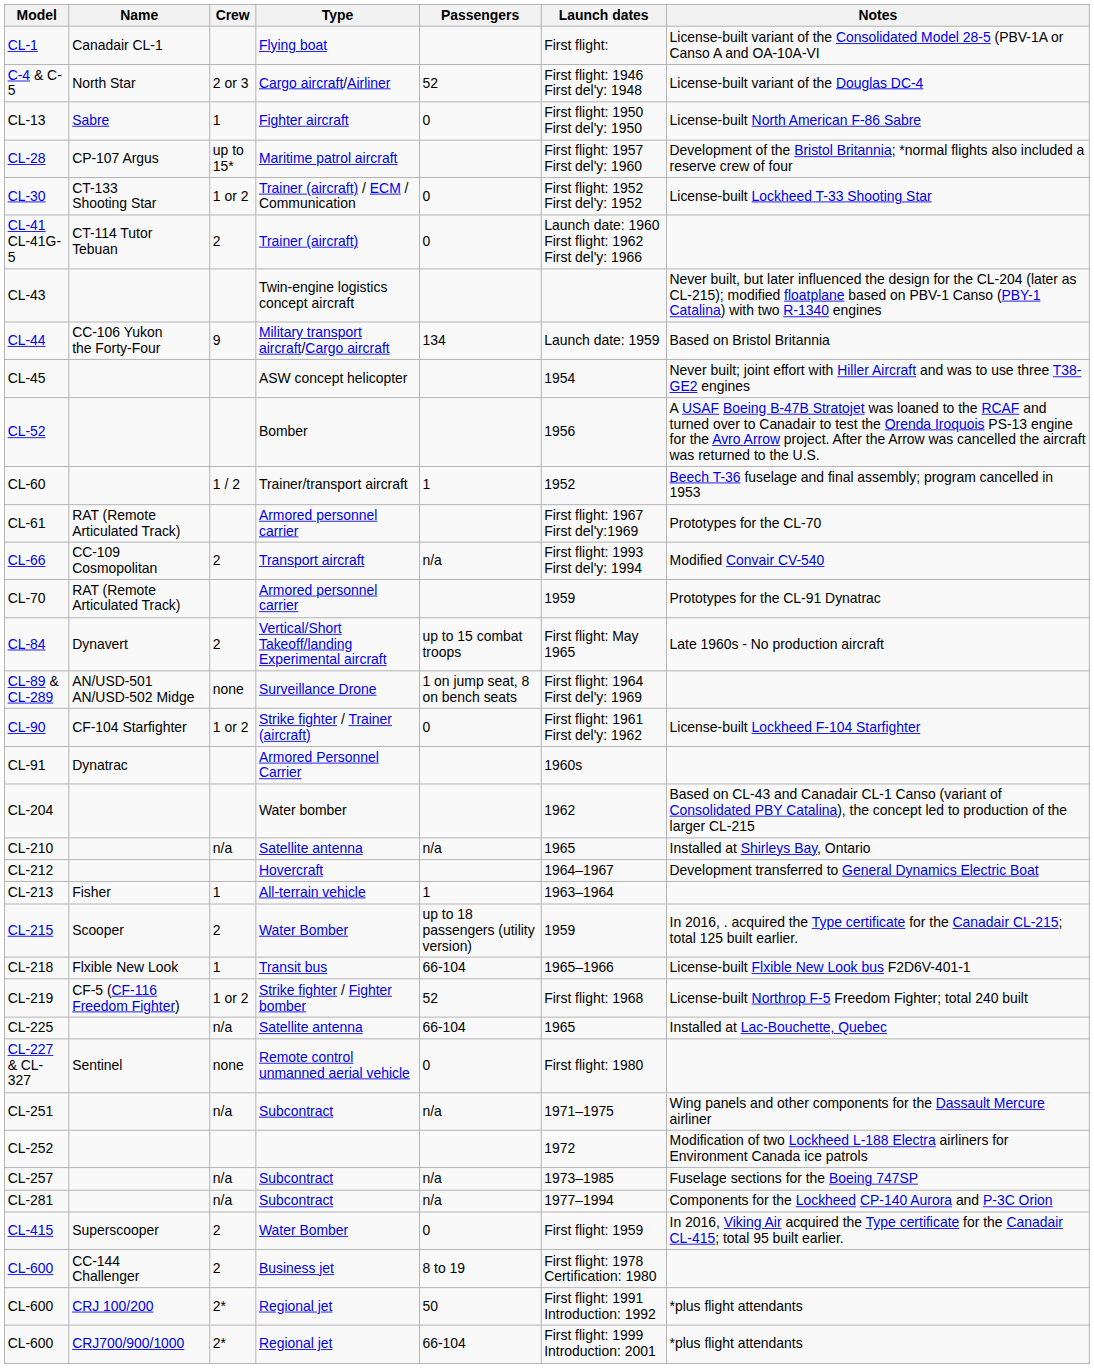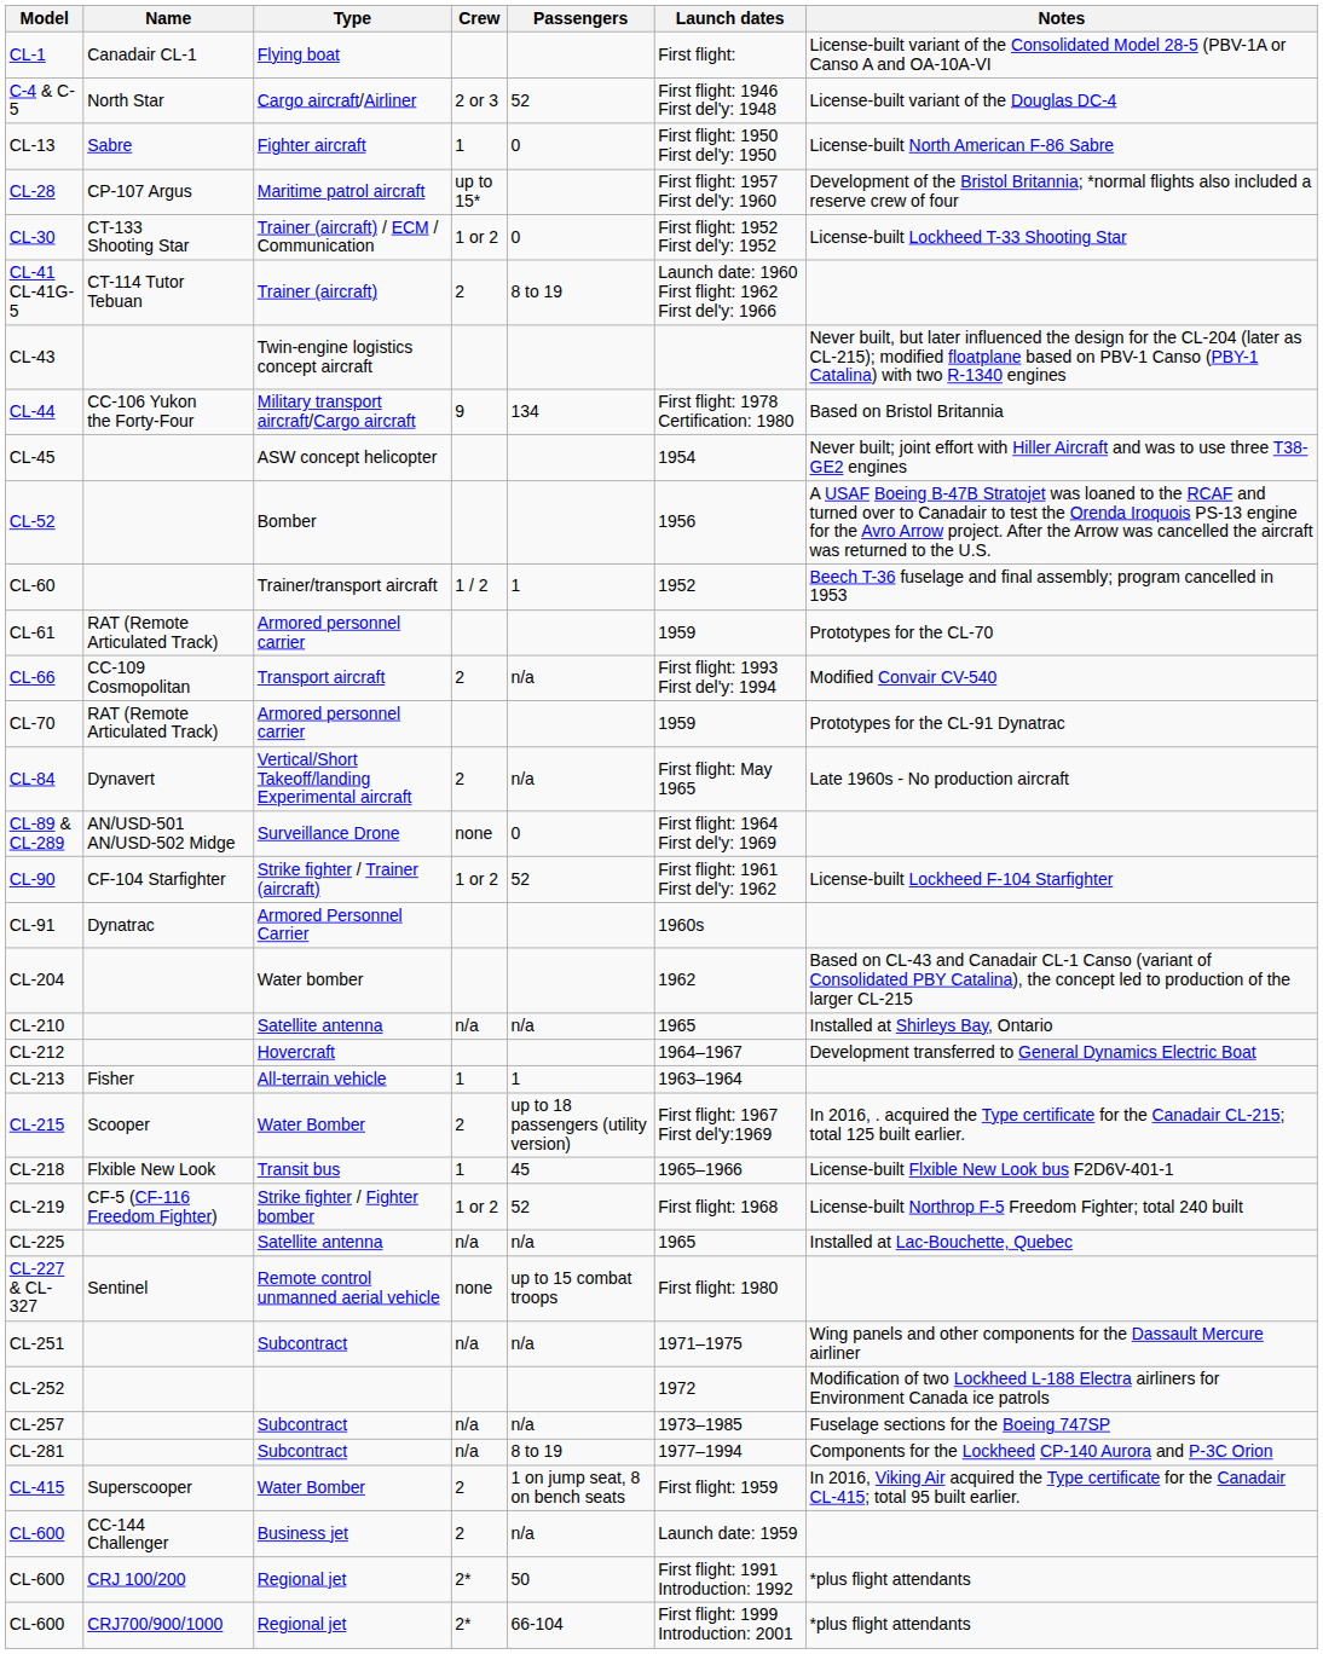 <table class="wikitable sortable">
 <tr>
 <th>Model</th>
 <th>Name</th>
+<th>Type</th>
 <th>Crew</th>
-<th>Type</th>
 <th>Passengers</th>
 <th>Launch dates</th>
 <th>Notes</th>
 </tr>
 <tr>
 <td><a href='#'>CL-1</a></td>
 <td>Canadair CL-1</td>
+<td><a href='#'>Flying boat</a></td>
 <td></td>
-<td><a href='#'>Flying boat</a></td>
 <td></td>
 <td>First flight:</td>
 <td>License-built variant of the <a href='#'>Consolidated Model 28-5</a> (PBV-1A or Canso A and OA-10A-VI</td>
 </tr>
 <tr>
 <td><a href='#'>C-4</a> & C-5</td>
 <td>North Star</td>
+<td><a href='#'>Cargo aircraft</a>/<a href='#'>Airliner</a></td>
 <td>2 or 3</td>
-<td><a href='#'>Cargo aircraft</a>/<a href='#'>Airliner</a></td>
 <td>52</td>
 <td>First flight: 1946<br>First del'y: 1948</td>
 <td>License-built variant of the <a href='#'>Douglas DC-4</a></td>
 </tr>
 <tr>
 <td>CL-13</td>
 <td><a href='#'>Sabre</a></td>
+<td><a href='#'>Fighter aircraft</a></td>
 <td>1</td>
-<td><a href='#'>Fighter aircraft</a></td>
 <td>0</td>
 <td>First flight: 1950<br>First del'y: 1950</td>
 <td>License-built <a href='#'>North American F-86 Sabre</a></td>
 </tr>
 <tr>
 <td><a href='#'>CL-28</a></td>
 <td>CP-107 Argus</td>
+<td><a href='#'>Maritime patrol aircraft</a></td>
 <td>up to 15*</td>
-<td><a href='#'>Maritime patrol aircraft</a></td>
 <td></td>
 <td>First flight: 1957<br>First del'y: 1960</td>
 <td>Development of the <a href='#'>Bristol Britannia</a>; *normal flights also included a reserve crew of four</td>
 </tr>
 <tr>
 <td><a href='#'>CL-30</a></td>
 <td>CT-133<br>Shooting Star</td>
+<td><a href='#'>Trainer (aircraft)</a> / <a href='#'>ECM</a> / Communication</td>
 <td>1 or 2</td>
-<td><a href='#'>Trainer (aircraft)</a> / <a href='#'>ECM</a> / Communication</td>
 <td>0</td>
 <td>First flight: 1952<br>First del'y: 1952</td>
 <td>License-built <a href='#'>Lockheed T-33 Shooting Star</a></td>
 </tr>
 <tr>
 <td><a href='#'>CL-41</a><br>CL-41G-5</td>
 <td>CT-114 Tutor <br>Tebuan</td>
+<td><a href='#'>Trainer (aircraft)</a></td>
 <td>2</td>
-<td><a href='#'>Trainer (aircraft)</a></td>
-<td>0</td>
+<td>8 to 19</td>
 <td nowrap>Launch date: 1960<br>First flight: 1962<br>First del'y: 1966</td>
 <td></td>
 </tr>
 <tr>
 <td>CL-43</td>
 <td></td>
+<td>Twin-engine logistics concept aircraft</td>
 <td></td>
-<td>Twin-engine logistics concept aircraft</td>
 <td></td>
 <td></td>
 <td>Never built, but later influenced the design for the CL-204 (later as CL-215); modified <a href='#'>floatplane</a> based on PBV-1 Canso (<a href='#'>PBY-1 Catalina</a>) with two <a href='#'>R-1340</a> engines</td>
 </tr>
 <tr>
 <td><a href='#'>CL-44</a></td>
 <td nowrap>CC-106 Yukon<br>the Forty-Four</td>
+<td><a href='#'>Military transport aircraft</a>/<a href='#'>Cargo aircraft</a></td>
 <td>9</td>
-<td><a href='#'>Military transport aircraft</a>/<a href='#'>Cargo aircraft</a></td>
 <td>134</td>
-<td>Launch date: 1959</td>
+<td>First flight: 1978<br>Certification: 1980</td>
 <td>Based on Bristol Britannia</td>
 </tr>
 <tr>
 <td>CL-45</td>
 <td></td>
+<td>ASW concept helicopter</td>
 <td></td>
-<td>ASW concept helicopter</td>
 <td></td>
 <td>1954</td>
 <td>Never built; joint effort with <a href='#'>Hiller Aircraft</a> and was to use three <a href='#'>T38-GE2</a> engines</td>
 </tr>
 <tr>
 <td><a href='#'>CL-52</a></td>
 <td></td>
+<td>Bomber</td>
 <td></td>
-<td>Bomber</td>
 <td></td>
 <td>1956</td>
 <td>A <a href='#'>USAF</a> <a href='#'>Boeing B-47B Stratojet</a> was loaned to the <a href='#'>RCAF</a> and turned over to Canadair to test the <a href='#'>Orenda Iroquois</a> PS-13 engine for the <a href='#'>Avro Arrow</a> project. After the Arrow was cancelled the aircraft was returned to the U.S.</td>
 </tr>
 <tr>
 <td>CL-60</td>
 <td></td>
+<td>Trainer/transport aircraft</td>
 <td>1 / 2</td>
-<td>Trainer/transport aircraft</td>
 <td>1</td>
 <td>1952</td>
 <td><a href='#'>Beech T-36</a> fuselage and final assembly; program cancelled in 1953</td>
 </tr>
 <tr>
 <td>CL-61</td>
 <td>RAT (Remote Articulated Track)</td>
-<td></td>
 <td><a href='#'>Armored personnel carrier</a></td>
 <td></td>
-<td>First flight: 1967<br>First del'y:1969</td>
+<td></td>
+<td>1959</td>
 <td>Prototypes for the CL-70</td>
 </tr>
 <tr>
 <td><a href='#'>CL-66</a></td>
 <td>CC-109 Cosmopolitan</td>
+<td><a href='#'>Transport aircraft</a></td>
 <td>2</td>
-<td><a href='#'>Transport aircraft</a></td>
 <td>n/a</td>
 <td>First flight: 1993<br>First del'y: 1994</td>
 <td>Modified <a href='#'>Convair CV-540</a></td>
 </tr>
 <tr>
 <td>CL-70</td>
 <td>RAT (Remote Articulated Track)</td>
+<td><a href='#'>Armored personnel carrier</a></td>
 <td></td>
-<td><a href='#'>Armored personnel carrier</a></td>
 <td></td>
 <td>1959</td>
 <td>Prototypes for the CL-91 Dynatrac</td>
 </tr>
 <tr>
 <td><a href='#'>CL-84</a></td>
 <td>Dynavert</td>
+<td><a href='#'>Vertical/Short Takeoff/landing</a> <a href='#'>Experimental aircraft</a></td>
 <td>2</td>
-<td><a href='#'>Vertical/Short Takeoff/landing</a> <a href='#'>Experimental aircraft</a></td>
-<td>up to 15 combat troops</td>
+<td>n/a</td>
 <td>First flight: May 1965</td>
 <td>Late 1960s - No production aircraft</td>
 </tr>
 <tr>
 <td><a href='#'>CL-89</a> & <a href='#'>CL-289</a></td>
 <td>AN/USD-501<br>AN/USD-502 Midge</td>
+<td><a href='#'>Surveillance Drone</a></td>
 <td>none</td>
-<td><a href='#'>Surveillance Drone</a></td>
-<td>1 on jump seat, 8 on bench seats</td>
+<td>0</td>
 <td>First flight: 1964<br>First del'y: 1969</td>
 <td></td>
 </tr>
 <tr>
 <td><a href='#'>CL-90</a></td>
 <td>CF-104 Starfighter</td>
+<td><a href='#'>Strike fighter</a> / <a href='#'>Trainer (aircraft)</a></td>
 <td>1 or 2</td>
-<td><a href='#'>Strike fighter</a> / <a href='#'>Trainer (aircraft)</a></td>
-<td>0</td>
+<td>52</td>
 <td>First flight: 1961<br>First del'y: 1962</td>
 <td>License-built <a href='#'>Lockheed F-104 Starfighter</a></td>
 </tr>
 <tr>
 <td>CL-91</td>
 <td>Dynatrac</td>
+<td><a href='#'>Armored Personnel Carrier</a></td>
 <td></td>
-<td><a href='#'>Armored Personnel Carrier</a></td>
 <td></td>
 <td>1960s</td>
 <td></td>
 </tr>
 <tr>
 <td>CL-204</td>
 <td></td>
+<td>Water bomber</td>
 <td></td>
-<td>Water bomber</td>
 <td></td>
 <td>1962</td>
 <td>Based on CL-43 and Canadair CL-1 Canso (variant of <a href='#'>Consolidated PBY Catalina</a>), the  concept led to production of the larger CL-215</td>
 </tr>
 <tr>
 <td>CL-210</td>
 <td></td>
+<td><a href='#'>Satellite antenna</a></td>
 <td>n/a</td>
-<td><a href='#'>Satellite antenna</a></td>
 <td>n/a</td>
 <td>1965</td>
 <td>Installed at <a href='#'>Shirleys Bay</a>, Ontario</td>
 </tr>
 <tr>
 <td>CL-212</td>
 <td></td>
+<td><a href='#'>Hovercraft</a></td>
 <td></td>
-<td><a href='#'>Hovercraft</a></td>
 <td></td>
 <td>1964–1967</td>
 <td>Development transferred to <a href='#'>General Dynamics Electric Boat</a></td>
 </tr>
 <tr>
 <td>CL-213</td>
 <td>Fisher</td>
+<td><a href='#'>All-terrain vehicle</a></td>
 <td>1</td>
-<td><a href='#'>All-terrain vehicle</a></td>
 <td>1</td>
 <td>1963–1964</td>
 <td></td>
 </tr>
 <tr>
 <td><a href='#'>CL-215</a></td>
 <td>Scooper</td>
+<td><a href='#'>Water Bomber</a></td>
 <td>2</td>
-<td><a href='#'>Water Bomber</a></td>
 <td>up to 18 passengers (utility version)</td>
-<td>1959</td>
+<td>First flight: 1967<br>First del'y:1969</td>
 <td>In 2016, . acquired the <a href='#'>Type certificate</a> for the <a href='#'>Canadair CL-215</a>; total 125 built earlier.</td>
 </tr>
 <tr>
 <td>CL-218</td>
 <td>Flxible New Look</td>
+<td><a href='#'>Transit bus</a></td>
 <td>1</td>
-<td><a href='#'>Transit bus</a></td>
-<td>66-104</td>
+<td>45</td>
 <td>1965–1966</td>
 <td>License-built <a href='#'>Flxible New Look bus</a> F2D6V-401-1</td>
 </tr>
 <tr>
 <td>CL-219</td>
 <td>CF-5 (<a href='#'>CF-116 Freedom Fighter</a>)</td>
+<td><a href='#'>Strike fighter</a> / <a href='#'>Fighter bomber</a></td>
 <td>1 or 2</td>
-<td><a href='#'>Strike fighter</a> / <a href='#'>Fighter bomber</a></td>
 <td>52</td>
 <td>First flight: 1968</td>
 <td>License-built <a href='#'>Northrop F-5</a> Freedom Fighter; total 240 built</td>
 </tr>
 <tr>
 <td>CL-225</td>
 <td></td>
+<td><a href='#'>Satellite antenna</a></td>
 <td>n/a</td>
-<td><a href='#'>Satellite antenna</a></td>
-<td>66-104</td>
+<td>n/a</td>
 <td>1965</td>
 <td>Installed at <a href='#'>Lac-Bouchette, Quebec</a></td>
 </tr>
 <tr>
 <td><a href='#'>CL-227</a> & CL-327</td>
 <td>Sentinel</td>
+<td><a href='#'>Remote control</a> <a href='#'>unmanned aerial vehicle</a></td>
 <td>none</td>
-<td><a href='#'>Remote control</a> <a href='#'>unmanned aerial vehicle</a></td>
-<td>0</td>
+<td>up to 15 combat troops</td>
 <td>First flight: 1980</td>
 <td></td>
 </tr>
 <tr>
 <td>CL-251</td>
 <td></td>
+<td><a href='#'>Subcontract</a></td>
 <td>n/a</td>
-<td><a href='#'>Subcontract</a></td>
 <td>n/a</td>
 <td>1971–1975</td>
 <td>Wing panels and other components for the <a href='#'>Dassault Mercure</a> airliner</td>
 </tr>
 <tr>
 <td>CL-252</td>
 <td></td>
 <td></td>
 <td></td>
 <td></td>
 <td>1972</td>
 <td>Modification of two <a href='#'>Lockheed L-188 Electra</a> airliners for Environment Canada ice patrols</td>
 </tr>
 <tr>
 <td>CL-257</td>
 <td></td>
+<td><a href='#'>Subcontract</a></td>
 <td>n/a</td>
-<td><a href='#'>Subcontract</a></td>
 <td>n/a</td>
 <td>1973–1985</td>
 <td>Fuselage sections for the <a href='#'>Boeing 747SP</a></td>
 </tr>
 <tr>
 <td>CL-281</td>
 <td></td>
-<td>n/a</td>
 <td><a href='#'>Subcontract</a></td>
 <td>n/a</td>
+<td>8 to 19</td>
 <td>1977–1994</td>
 <td>Components for the <a href='#'>Lockheed</a> <a href='#'>CP-140 Aurora</a> and <a href='#'>P-3C Orion</a></td>
 </tr>
 <tr>
 <td><a href='#'>CL-415</a></td>
 <td>Superscooper</td>
+<td><a href='#'>Water Bomber</a></td>
 <td>2</td>
-<td><a href='#'>Water Bomber</a></td>
-<td>0</td>
+<td>1 on jump seat, 8 on bench seats</td>
 <td>First flight: 1959</td>
 <td>In 2016, <a href='#'>Viking Air</a> acquired the <a href='#'>Type certificate</a> for the <a href='#'>Canadair CL-415</a>; total 95 built earlier.</td>
 </tr>
 <tr>
 <td><a href='#'>CL-600</a></td>
 <td>CC-144<br>Challenger</td>
+<td><a href='#'>Business jet</a></td>
 <td>2</td>
-<td><a href='#'>Business jet</a></td>
-<td>8 to 19</td>
-<td>First flight: 1978<br>Certification: 1980</td>
+<td>n/a</td>
+<td>Launch date: 1959</td>
 <td></td>
 </tr>
 <tr>
 <td>CL-600</td>
 <td><a href='#'>CRJ 100/200</a></td>
+<td><a href='#'>Regional jet</a></td>
 <td>2*</td>
-<td><a href='#'>Regional jet</a></td>
 <td>50</td>
 <td>First flight: 1991<br>Introduction: 1992</td>
 <td>*plus flight attendants</td>
 </tr>
 <tr>
 <td>CL-600</td>
 <td><a href='#'>CRJ700/900/1000</a></td>
+<td><a href='#'>Regional jet</a></td>
 <td>2*</td>
-<td><a href='#'>Regional jet</a></td>
 <td>66-104</td>
 <td>First flight: 1999<br>Introduction: 2001</td>
 <td>*plus flight attendants</td>
 </tr>
 </table>
